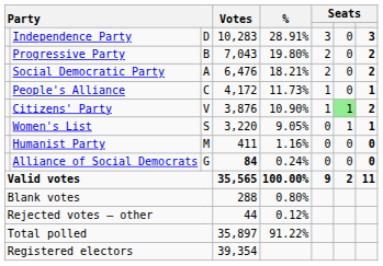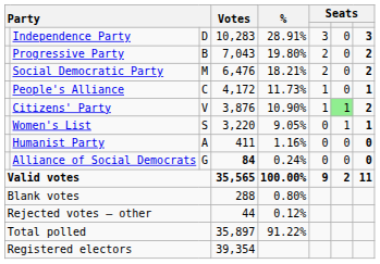 <table class="wikitable" border="1" style="text-align:right;">
 <tr>
 <th style="text-align:left;" valign=bottom rowspan=2 colspan=3>Party</th>
 <th align=center valign=bottom rowspan=2 width="50">Votes</th>
 <th align=center valign=bottom rowspan=2 width="50">%</th>
 <th colspan=3>Seats</th>
 </tr>
 <tr>
 <th align=center valign=bottom width="20"><small></small></th>
 <th align=center valign=bottom width="20"><small><a href='#'></a></small></th>
 <th align=center valign=bottom width="20"><small></small></th>
 </tr>
 <tr>
 <td></td>
 <td align=left><a href='#'>Independence Party</a></td>
 <td align=left>D</td>
 <td>10,283</td>
 <td>28.91%</td>
 <td>3</td>
 <td>0</td>
 <td><strong>3</strong></td>
 </tr>
 <tr>
 <td></td>
 <td align=left><a href='#'>Progressive Party</a></td>
 <td align=left>B</td>
 <td>7,043</td>
 <td>19.80%</td>
 <td>2</td>
 <td>0</td>
 <td><strong>2</strong></td>
 </tr>
 <tr>
 <td></td>
 <td align=left><a href='#'>Social Democratic Party</a></td>
-<td align=left>A</td>
+<td align=left>M</td>
 <td>6,476</td>
 <td>18.21%</td>
 <td>2</td>
 <td>0</td>
 <td><strong>2</strong></td>
 </tr>
 <tr>
 <td></td>
 <td align=left><a href='#'>People's Alliance</a></td>
 <td align=left>C</td>
 <td>4,172</td>
 <td>11.73%</td>
 <td>1</td>
 <td>0</td>
 <td><strong>1</strong></td>
 </tr>
 <tr>
 <td></td>
 <td align=left><a href='#'>Citizens' Party</a></td>
 <td align=left>V</td>
 <td>3,876</td>
 <td>10.90%</td>
 <td>1</td>
 <td style="background: lightgreen;">1</td>
 <td><strong>2</strong></td>
 </tr>
 <tr>
 <td></td>
 <td align=left><a href='#'>Women's List</a></td>
 <td align=left>S</td>
 <td>3,220</td>
 <td>9.05%</td>
 <td>0</td>
 <td>1</td>
 <td><strong>1</strong></td>
 </tr>
 <tr>
 <td></td>
 <td align=left><a href='#'>Humanist Party</a></td>
-<td align=left>M</td>
+<td align=left>A</td>
 <td>411</td>
 <td>1.16%</td>
 <td>0</td>
 <td>0</td>
 <td><strong>0</strong></td>
 </tr>
 <tr>
 <td></td>
 <td align=left><a href='#'>Alliance of Social Democrats</a></td>
 <td align=left>G</td>
 <td><strong>84</strong></td>
 <td>0.24%</td>
 <td>0</td>
 <td>0</td>
 <td><strong>0</strong></td>
 </tr>
 <tr style="font-weight:bold">
 <td align=left colspan=3>Valid votes</td>
 <td>35,565</td>
 <td>100.00%</td>
 <td>9</td>
 <td>2</td>
 <td>11</td>
 </tr>
 <tr>
 <td align=left colspan=3>Blank votes</td>
 <td>288</td>
 <td>0.80%</td>
 <td></td>
 <td></td>
 <td></td>
 </tr>
 <tr>
 <td align=left colspan=3>Rejected votes – other</td>
 <td>44</td>
 <td>0.12%</td>
 <td></td>
 <td></td>
 <td></td>
 </tr>
 <tr>
 <td align=left colspan=3>Total polled</td>
 <td>35,897</td>
 <td>91.22%</td>
 <td></td>
 <td></td>
 <td></td>
 </tr>
 <tr>
 <td align=left colspan=3>Registered electors</td>
 <td>39,354</td>
 <td></td>
 <td></td>
 <td></td>
 <td></td>
 </tr>
 </table>
